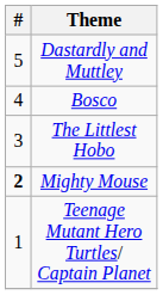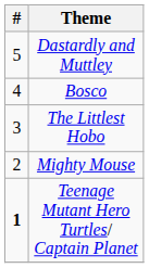 <table class="wikitable">
 <tr>
 <th width="15" rowspan="1">#</th>
 <th width="100" rowspan="1">Theme</th>
 </tr>
 <tr>
 <td align="center">5</td>
 <td align="center"><em><a href='#'>Dastardly and Muttley</a></em></td>
 </tr>
 <tr>
 <td align="center">4</td>
 <td align="center"><em><a href='#'>Bosco</a></em></td>
 </tr>
 <tr>
 <td align="center">3</td>
 <td align="center"><em><a href='#'>The Littlest Hobo</a></em></td>
 </tr>
 <tr>
-<td align="center"><strong>2</strong></td>
+<td align="center">2</td>
 <td align="center"><em><a href='#'>Mighty Mouse</a></em></td>
 </tr>
 <tr>
-<td align="center">1</td>
+<td align="center"><strong>1</strong></td>
 <td align="center"><em><a href='#'>Teenage Mutant Hero Turtles</a></em>/<br><em><a href='#'>Captain Planet</a></em></td>
 </tr>
 <tr>
 </tr>
 </table>
